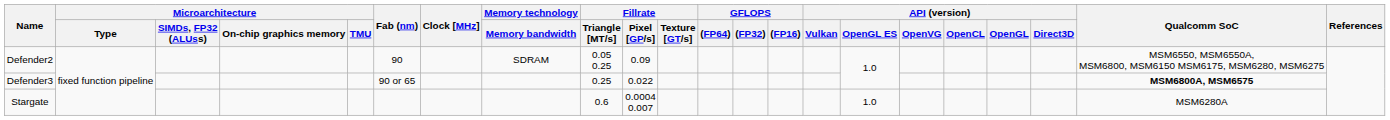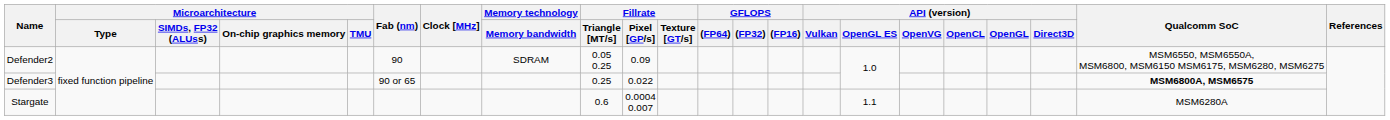 <table class="wikitable" style="font-size: 85%; text-align: center">
 <tr>
 <th rowspan="2">Name</th>
 <th colspan="4"><a href='#'>Microarchitecture</a></th>
 <th rowspan="2">Fab (<a href='#'>nm</a>)</th>
 <th rowspan="2">Clock [<a href='#'>MHz</a>]</th>
 <th><a href='#'>Memory technology</a></th>
 <th colspan="3"><a href='#'>Fillrate</a></th>
 <th colspan="3"><a href='#'>GFLOPS</a></th>
 <th colspan="6"><a href='#'>API</a> (version)</th>
 <th rowspan="2">Qualcomm SoC</th>
 <th rowspan="2">References</th>
 </tr>
 <tr>
 <th>Type</th>
 <th><a href='#'>SIMDs</a>, <a href='#'>FP32</a><br>(<a href='#'>ALUs</a>s)<br></th>
 <th>On-chip graphics memory</th>
 <th><a href='#'>TMU</a></th>
 <th><a href='#'>Memory bandwidth</a></th>
 <th>Triangle<br>[MT/s]</th>
 <th>Pixel<br>[<a href='#'>GP</a>/s]</th>
 <th>Texture<br>[<a href='#'>GT</a>/s]</th>
 <th>(<a href='#'>FP64</a>)</th>
 <th>(<a href='#'>FP32</a>)</th>
 <th>(<a href='#'>FP16</a>)</th>
 <th><a href='#'>Vulkan</a></th>
 <th><a href='#'>OpenGL ES</a></th>
 <th><a href='#'>OpenVG</a></th>
 <th><a href='#'>OpenCL</a></th>
 <th><a href='#'>OpenGL</a></th>
 <th><a href='#'>Direct3D</a></th>
 </tr>
 <tr>
 <td>Defender2</td>
 <td rowspan="3">fixed function pipeline</td>
 <td></td>
 <td></td>
 <td></td>
 <td>90</td>
 <td></td>
 <td>SDRAM</td>
 <td>0.05<br>0.25</td>
 <td>0.09</td>
 <td></td>
 <td></td>
 <td></td>
 <td></td>
 <td></td>
 <td rowspan="2">1.0</td>
 <td></td>
 <td></td>
 <td></td>
 <td></td>
 <td>MSM6550, MSM6550A,<br>MSM6800, MSM6150 MSM6175, MSM6280, MSM6275</td>
 <td rowspan="3"></td>
 </tr>
 <tr>
 <td>Defender3</td>
 <td></td>
 <td></td>
 <td></td>
 <td>90 or 65</td>
 <td></td>
 <td></td>
 <td>0.25</td>
 <td>0.022</td>
 <td></td>
 <td></td>
 <td></td>
 <td></td>
 <td></td>
 <td></td>
 <td></td>
 <td></td>
 <td></td>
 <td><strong>MSM6800A, MSM6575</strong></td>
 </tr>
 <tr>
 <td>Stargate</td>
 <td></td>
 <td></td>
 <td></td>
 <td></td>
 <td></td>
 <td></td>
 <td>0.6</td>
 <td>0.0004<br>0.007</td>
 <td></td>
 <td></td>
 <td></td>
 <td></td>
 <td></td>
-<td>1.0</td>
+<td>1.1</td>
 <td></td>
 <td></td>
 <td></td>
 <td></td>
 <td>MSM6280A</td>
 </tr>
 </table>
